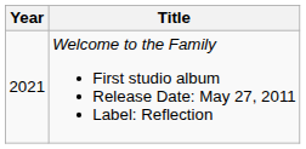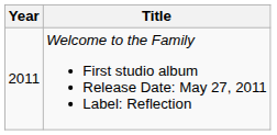 <table class="wikitable">
 <tr>
 <th>Year</th>
 <th>Title</th>
 </tr>
 <tr>
-<td>2021</td>
+<td>2011</td>
 <td><em>Welcome to the Family</em><br><ul><li>First studio album</li><li>Release Date: May 27, 2011</li><li>Label: Reflection</li></ul></td>
 </tr>
 </table>
